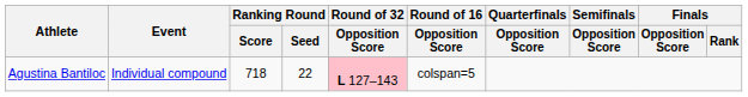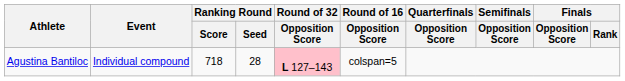 <table class="wikitable" style="text-align: center; font-size:90%">
 <tr>
 <th rowspan="2">Athlete</th>
 <th rowspan="2">Event</th>
 <th colspan="2">Ranking Round</th>
 <th>Round of 32</th>
 <th>Round of 16</th>
 <th>Quarterfinals</th>
 <th>Semifinals</th>
 <th colspan="2">Finals</th>
 </tr>
 <tr style="font-size:95%">
 <th>Score</th>
 <th>Seed</th>
 <th>Opposition<br>Score</th>
 <th>Opposition<br>Score</th>
 <th>Opposition<br>Score</th>
 <th>Opposition<br>Score</th>
 <th>Opposition<br>Score</th>
 <th>Rank</th>
 </tr>
 <tr>
 <td align=left><a href='#'>Agustina Bantiloc</a></td>
 <td align=left><a href='#'>Individual compound</a></td>
 <td>718</td>
-<td>22</td>
+<td>28</td>
 <td style="background: pink;"><br><strong>L</strong> 127–143</td>
 <td>colspan=5 </td>
 </tr>
 </table>
